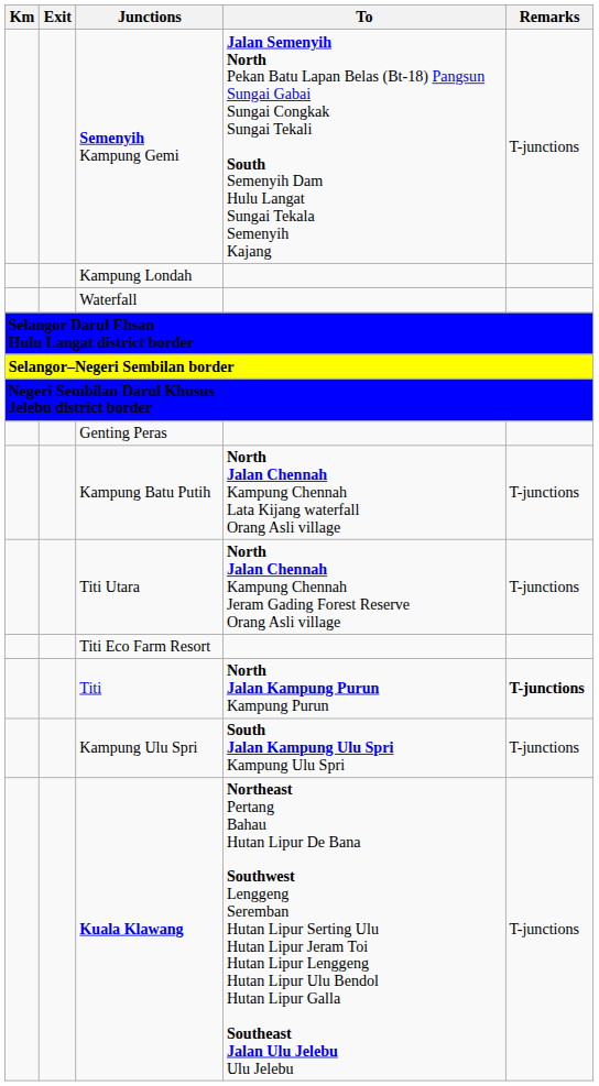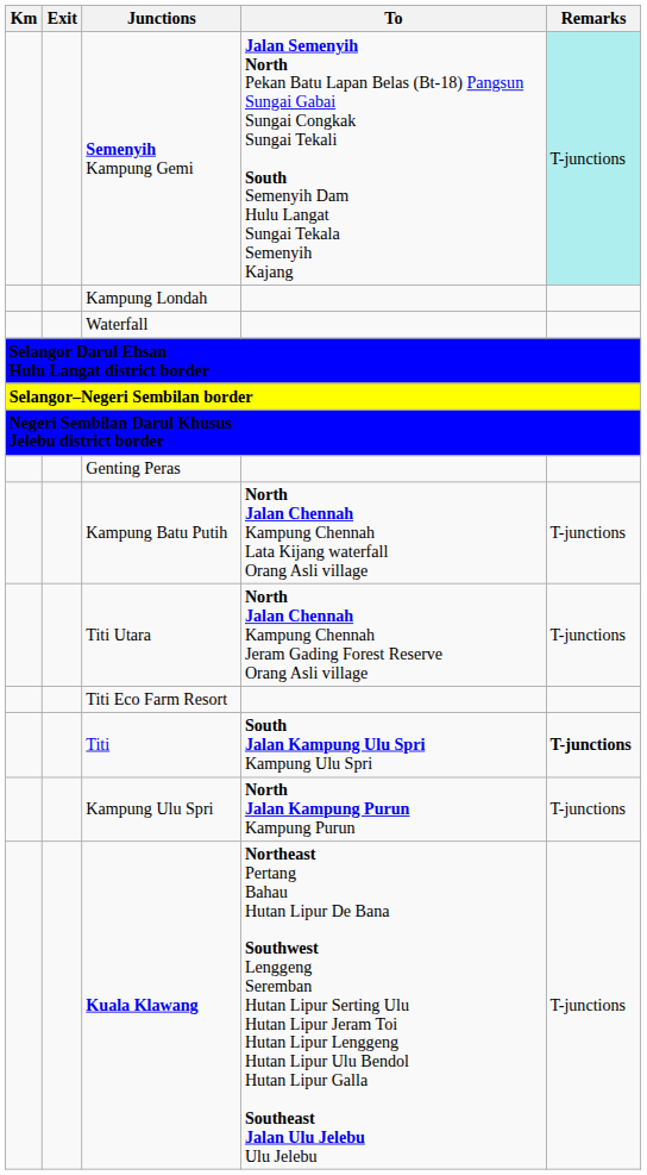 <table class="wikitable">
 <tr>
 <th>Km</th>
 <th>Exit</th>
 <th>Junctions</th>
 <th>To</th>
 <th>Remarks</th>
 </tr>
 <tr>
 <td></td>
 <td></td>
 <td><strong><a href='#'>Semenyih</a></strong><br>Kampung Gemi</td>
 <td> <strong><a href='#'>Jalan Semenyih</a></strong><br><strong>North</strong><br> Pekan Batu Lapan Belas (Bt-18) <a href='#'>Pangsun</a><br>  <a href='#'>Sungai Gabai</a><br> Sungai Congkak<br>Sungai Tekali<br><br><strong>South</strong><br> Semenyih Dam<br> Hulu Langat<br>Sungai Tekala <br>Semenyih<br> Kajang</td>
-<td>T-junctions</td>
+<td style="background: paleturquoise;">T-junctions</td>
 </tr>
 <tr>
 <td></td>
 <td></td>
 <td>Kampung Londah</td>
 <td></td>
 <td></td>
 </tr>
 <tr>
 <td></td>
 <td></td>
 <td>Waterfall<br></td>
 <td></td>
 <td></td>
 </tr>
 <tr>
 <td style="width:600px" colspan="6" style="text-align:center" bgcolor="blue"><strong><span>Selangor Darul Ehsan<br>Hulu Langat district border</span></strong></td>
 </tr>
 <tr>
 <td style="width:600px" colspan="6" style="text-align:center" bgcolor="yellow"><strong><span>Selangor–Negeri Sembilan border</span></strong></td>
 </tr>
 <tr>
 <td style="width:600px" colspan="6" style="text-align:center" bgcolor="blue"><strong><span>Negeri Sembilan Darul Khusus<br>Jelebu district border</span></strong></td>
 </tr>
 <tr>
 <td></td>
 <td></td>
 <td>Genting Peras</td>
 <td></td>
 <td></td>
 </tr>
 <tr>
 <td></td>
 <td></td>
 <td>Kampung Batu Putih</td>
 <td><strong>North</strong><br> <strong><a href='#'>Jalan Chennah</a></strong><br> Kampung Chennah<br> Lata Kijang waterfall<br> Orang Asli village</td>
 <td>T-junctions</td>
 </tr>
 <tr>
 <td></td>
 <td></td>
 <td>Titi Utara</td>
 <td><strong>North</strong><br> <strong><a href='#'>Jalan Chennah</a></strong><br> Kampung Chennah<br> Jeram Gading Forest Reserve<br> Orang Asli village</td>
 <td>T-junctions</td>
 </tr>
 <tr>
 <td></td>
 <td></td>
 <td>Titi Eco Farm Resort</td>
 <td></td>
 <td></td>
 </tr>
 <tr>
 <td></td>
 <td></td>
 <td><a href='#'>Titi</a></td>
-<td><strong>North</strong><br> <strong><a href='#'>Jalan Kampung Purun</a></strong><br>Kampung Purun</td>
+<td><strong>South</strong><br> <strong><a href='#'>Jalan Kampung Ulu Spri</a></strong><br>Kampung Ulu Spri</td>
 <td><strong>T-junctions</strong></td>
 </tr>
 <tr>
 <td></td>
 <td></td>
 <td>Kampung Ulu Spri</td>
-<td><strong>South</strong><br> <strong><a href='#'>Jalan Kampung Ulu Spri</a></strong><br>Kampung Ulu Spri</td>
+<td><strong>North</strong><br> <strong><a href='#'>Jalan Kampung Purun</a></strong><br>Kampung Purun</td>
 <td>T-junctions</td>
 </tr>
 <tr>
 <td></td>
 <td></td>
 <td><strong><a href='#'>Kuala Klawang</a></strong></td>
 <td><strong>Northeast</strong><br> Pertang<br> Bahau<br>Hutan Lipur De Bana<br><br><strong>Southwest</strong><br> Lenggeng<br> Seremban<br>Hutan Lipur Serting Ulu<br>Hutan Lipur Jeram Toi<br>Hutan Lipur Lenggeng<br>Hutan Lipur Ulu Bendol<br>Hutan Lipur Galla<br><br><strong>Southeast</strong><br> <strong><a href='#'>Jalan Ulu Jelebu</a></strong><br>Ulu Jelebu</td>
 <td>T-junctions</td>
 </tr>
 </table>
